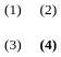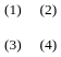 <table align="center" cellpadding="9">
 <tr>
 <td align="center"> (1)</td>
 <td align="center"> (2)</td>
 </tr>
 <tr>
 <td align="center"> (3)</td>
-<td align="center"><strong> (4)</strong></td>
+<td align="center"> (4)</td>
 </tr>
 </table>
